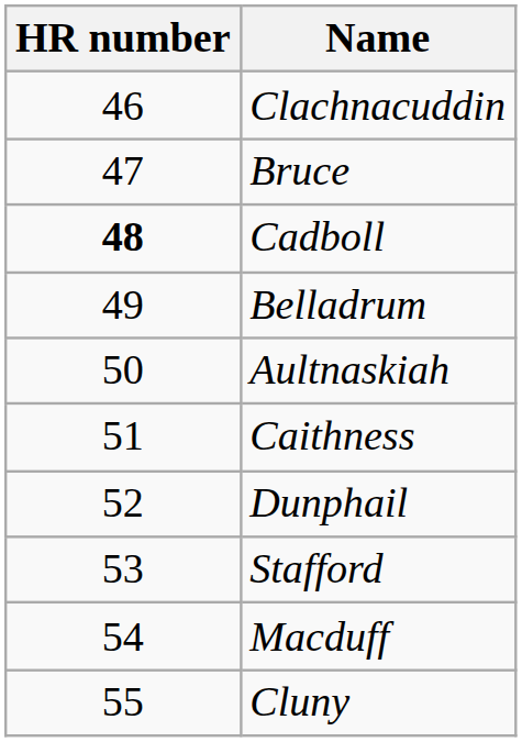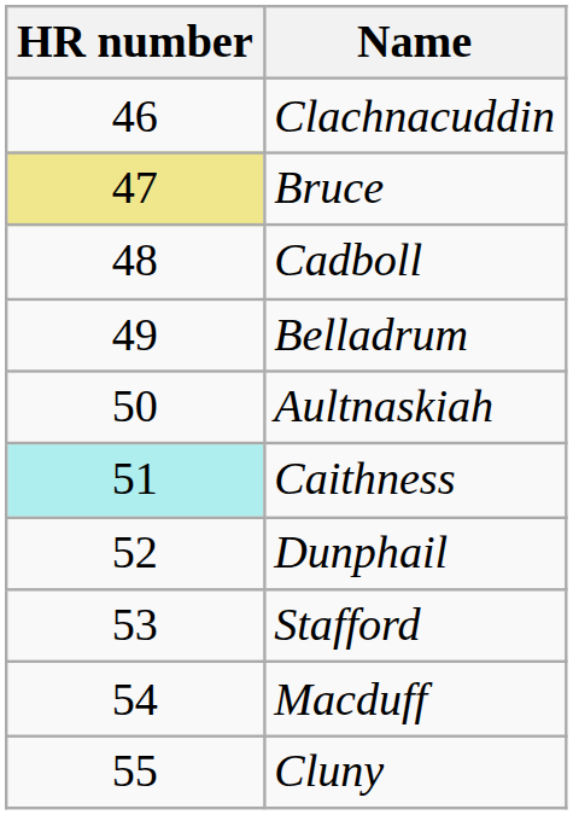 <table class="wikitable">
 <tr>
 <th>HR number</th>
 <th>Name</th>
 </tr>
 <tr>
 <td style="text-align: center;">46</td>
 <td><em>Clachnacuddin</em></td>
 </tr>
 <tr>
-<td style="text-align: center;">47</td>
+<td style="background: khaki; text-align: center;">47</td>
 <td><em>Bruce</em></td>
 </tr>
 <tr>
-<td style="text-align: center;"><strong>48</strong></td>
+<td style="text-align: center;">48</td>
 <td><em>Cadboll</em></td>
 </tr>
 <tr>
 <td style="text-align: center;">49</td>
 <td><em>Belladrum</em></td>
 </tr>
 <tr>
 <td style="text-align: center;">50</td>
 <td><em>Aultnaskiah</em></td>
 </tr>
 <tr>
-<td style="text-align: center;">51</td>
+<td style="background: paleturquoise; text-align: center;">51</td>
 <td><em>Caithness</em></td>
 </tr>
 <tr>
 <td style="text-align: center;">52</td>
 <td><em>Dunphail</em></td>
 </tr>
 <tr>
 <td style="text-align: center;">53</td>
 <td><em>Stafford</em></td>
 </tr>
 <tr>
 <td style="text-align: center;">54</td>
 <td><em>Macduff</em></td>
 </tr>
 <tr>
 <td style="text-align: center;">55</td>
 <td><em>Cluny</em></td>
 </tr>
 </table>
